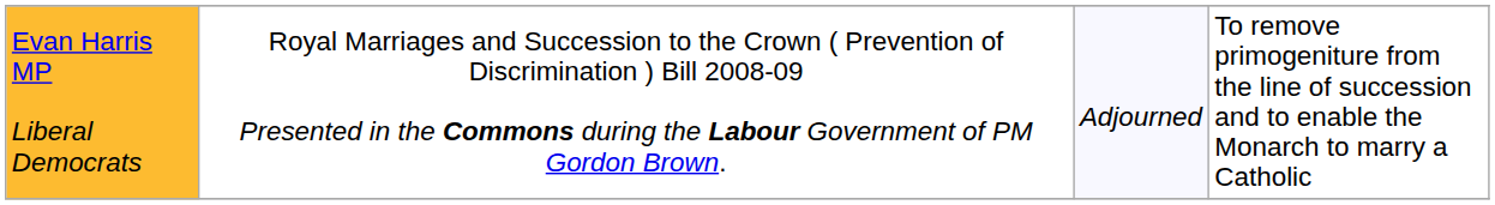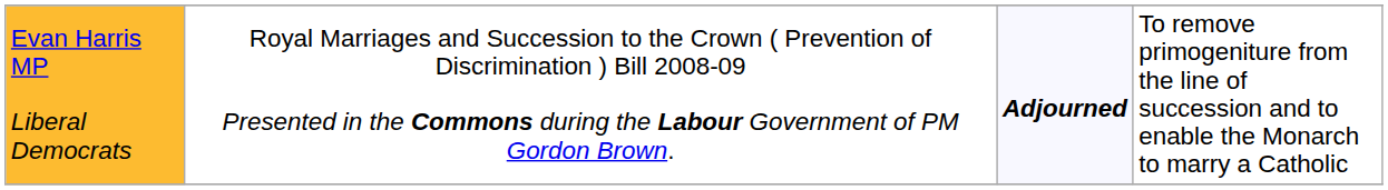 <table class="wikitable" width="100%">
 <tr bgcolor="#F8F8FF">
 </tr>
 <tr align="center" bgcolor="#F8F8FF">
 <td style="width: 13%;" align="left" bgcolor="#FDBB30"><a href='#'>Evan Harris MP</a><br><br><em>Liberal Democrats</em></td>
 <td style="width: 59%;" align="center" bgcolor="#FFFFFF">Royal Marriages and Succession to the Crown ( Prevention of Discrimination ) Bill 2008-09<br><br><em>Presented in the <strong>Commons</strong> during the <strong>Labour</strong> Government of PM <a href='#'>Gordon Brown</a></em>.</td>
-<td style="width: 8%;"><br><em>Adjourned</em></td>
+<td style="width: 8%;"><strong><br><em>Adjourned</em></strong></td>
 <td align="left" bgcolor="#FFFFFF">To remove primogeniture from the line of succession and to enable the Monarch to marry a Catholic</td>
 </tr>
 <tr>
 </tr>
 </table>
